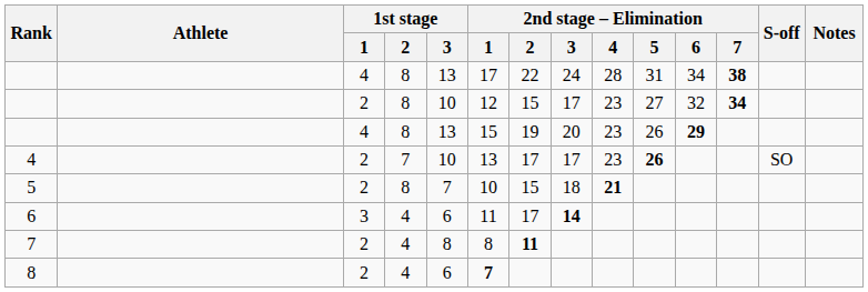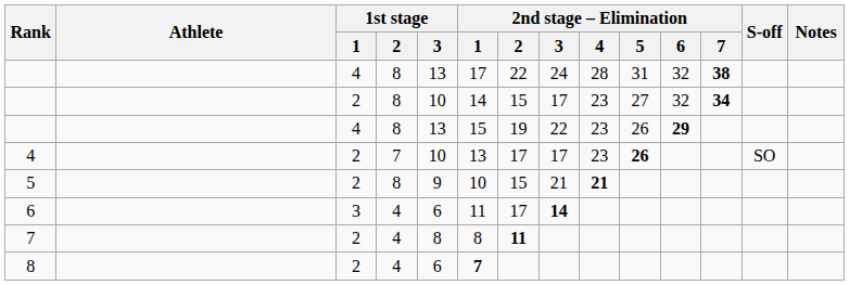 <table class="wikitable" style="text-align:center">
 <tr>
 <th rowspan=2 width=40>Rank</th>
 <th rowspan=2 width=250>Athlete</th>
 <th colspan=3>1st stage</th>
 <th colspan=7>2nd stage – Elimination</th>
 <th rowspan=2 width=35>S-off</th>
 <th rowspan=2 width=45>Notes</th>
 </tr>
 <tr>
 <th width=30>1</th>
 <th width=30>2</th>
 <th width=30>3</th>
 <th width=30>1</th>
 <th width=30>2</th>
 <th width=30>3</th>
 <th width=30>4</th>
 <th width=30>5</th>
 <th width=30>6</th>
 <th width=30>7</th>
 </tr>
 <tr>
 <td></td>
 <td align=left></td>
 <td>4</td>
 <td>8</td>
 <td>13</td>
 <td>17</td>
 <td>22</td>
 <td>24</td>
 <td>28</td>
 <td>31</td>
-<td>34</td>
+<td>32</td>
 <td><strong>38</strong></td>
 <td></td>
 <td></td>
 </tr>
 <tr>
 <td></td>
 <td align=left></td>
 <td>2</td>
 <td>8</td>
 <td>10</td>
-<td>12</td>
+<td>14</td>
 <td>15</td>
 <td>17</td>
 <td>23</td>
 <td>27</td>
 <td>32</td>
 <td><strong>34</strong></td>
 <td></td>
 <td></td>
 </tr>
 <tr>
 <td></td>
 <td align=left></td>
 <td>4</td>
 <td>8</td>
 <td>13</td>
 <td>15</td>
 <td>19</td>
-<td>20</td>
+<td>22</td>
 <td>23</td>
 <td>26</td>
 <td><strong>29</strong></td>
 <td></td>
 <td></td>
 <td></td>
 </tr>
 <tr>
 <td>4</td>
 <td align=left></td>
 <td>2</td>
 <td>7</td>
 <td>10</td>
 <td>13</td>
 <td>17</td>
 <td>17</td>
 <td>23</td>
 <td><strong>26</strong></td>
 <td></td>
 <td></td>
 <td>SO</td>
 <td></td>
 </tr>
 <tr>
 <td>5</td>
 <td align=left></td>
 <td>2</td>
 <td>8</td>
-<td>7</td>
+<td>9</td>
 <td>10</td>
 <td>15</td>
-<td>18</td>
+<td>21</td>
 <td><strong>21</strong></td>
 <td></td>
 <td></td>
 <td></td>
 <td></td>
 <td></td>
 </tr>
 <tr>
 <td>6</td>
 <td align=left></td>
 <td>3</td>
 <td>4</td>
 <td>6</td>
 <td>11</td>
 <td>17</td>
 <td><strong>14</strong></td>
 <td></td>
 <td></td>
 <td></td>
 <td></td>
 <td></td>
 <td></td>
 </tr>
 <tr>
 <td>7</td>
 <td align=left></td>
 <td>2</td>
 <td>4</td>
 <td>8</td>
 <td>8</td>
 <td><strong>11</strong></td>
 <td></td>
 <td></td>
 <td></td>
 <td></td>
 <td></td>
 <td></td>
 <td></td>
 </tr>
 <tr>
 <td>8</td>
 <td align=left></td>
 <td>2</td>
 <td>4</td>
 <td>6</td>
 <td><strong>7</strong></td>
 <td></td>
 <td></td>
 <td></td>
 <td></td>
 <td></td>
 <td></td>
 <td></td>
 <td></td>
 </tr>
 </table>
